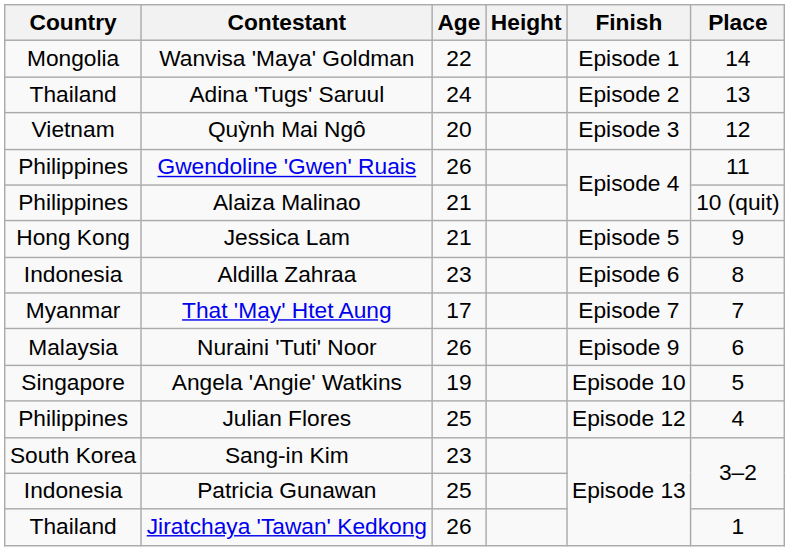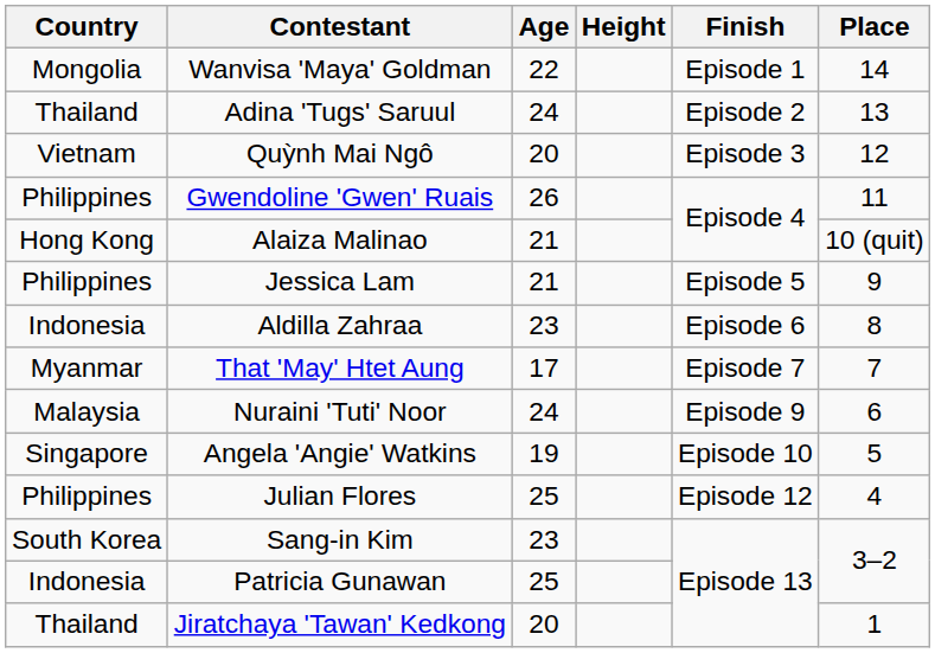 <table class="wikitable sortable" style="text-align:center;">
 <tr>
 <th>Country</th>
 <th>Contestant</th>
 <th>Age</th>
 <th>Height</th>
 <th>Finish</th>
 <th>Place</th>
 </tr>
 <tr>
 <td>Mongolia</td>
 <td>Wanvisa 'Maya' Goldman</td>
 <td>22</td>
 <td></td>
 <td>Episode 1</td>
 <td>14</td>
 </tr>
 <tr>
 <td>Thailand</td>
 <td>Adina 'Tugs' Saruul</td>
 <td>24</td>
 <td></td>
 <td>Episode 2</td>
 <td>13</td>
 </tr>
 <tr>
 <td>Vietnam</td>
 <td>Quỳnh Mai Ngô</td>
 <td>20</td>
 <td></td>
 <td>Episode 3</td>
 <td>12</td>
 </tr>
 <tr>
 <td>Philippines</td>
 <td><a href='#'>Gwendoline 'Gwen' Ruais</a></td>
 <td>26</td>
 <td></td>
 <td rowspan=2>Episode 4</td>
 <td>11</td>
 </tr>
 <tr>
-<td>Philippines</td>
+<td>Hong Kong</td>
 <td>Alaiza Malinao</td>
 <td>21</td>
 <td></td>
 <td>10 (quit)</td>
 </tr>
 <tr>
-<td>Hong Kong</td>
+<td>Philippines</td>
 <td>Jessica Lam</td>
 <td>21</td>
 <td></td>
 <td>Episode 5</td>
 <td>9</td>
 </tr>
 <tr>
 <td>Indonesia</td>
 <td>Aldilla Zahraa</td>
 <td>23</td>
 <td></td>
 <td>Episode 6</td>
 <td>8</td>
 </tr>
 <tr>
 <td>Myanmar</td>
 <td><a href='#'>That 'May' Htet Aung</a></td>
 <td>17</td>
 <td></td>
 <td>Episode 7</td>
 <td>7</td>
 </tr>
 <tr>
 <td>Malaysia</td>
 <td>Nuraini 'Tuti' Noor</td>
-<td>26</td>
+<td>24</td>
 <td></td>
 <td>Episode 9</td>
 <td>6</td>
 </tr>
 <tr>
 <td>Singapore</td>
 <td>Angela 'Angie' Watkins</td>
 <td>19</td>
 <td></td>
 <td>Episode 10</td>
 <td>5</td>
 </tr>
 <tr>
 <td>Philippines</td>
 <td>Julian Flores</td>
 <td>25</td>
 <td></td>
 <td>Episode 12</td>
 <td>4</td>
 </tr>
 <tr>
 <td>South Korea</td>
 <td>Sang-in Kim</td>
 <td>23</td>
 <td></td>
 <td rowspan="3">Episode 13</td>
 <td rowspan="2">3–2</td>
 </tr>
 <tr>
 <td>Indonesia</td>
 <td>Patricia Gunawan</td>
 <td>25</td>
 <td></td>
 </tr>
 <tr>
 <td>Thailand</td>
 <td><a href='#'>Jiratchaya 'Tawan' Kedkong</a></td>
-<td>26</td>
+<td>20</td>
 <td></td>
 <td>1</td>
 </tr>
 </table>
